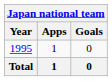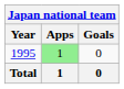 <table class="wikitable" style="text-align:center">
 <tr>
 <th colspan=3><a href='#'>Japan national team</a></th>
 </tr>
 <tr>
 <th>Year</th>
 <th>Apps</th>
 <th>Goals</th>
 </tr>
 <tr>
 <td><a href='#'>1995</a></td>
-<td>1</td>
+<td style="background: lightgreen;">1</td>
 <td>0</td>
 </tr>
 <tr>
 <th>Total</th>
 <th>1</th>
 <th>0</th>
 </tr>
 </table>
